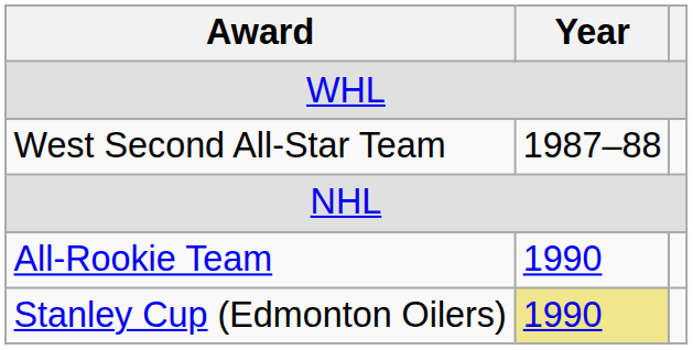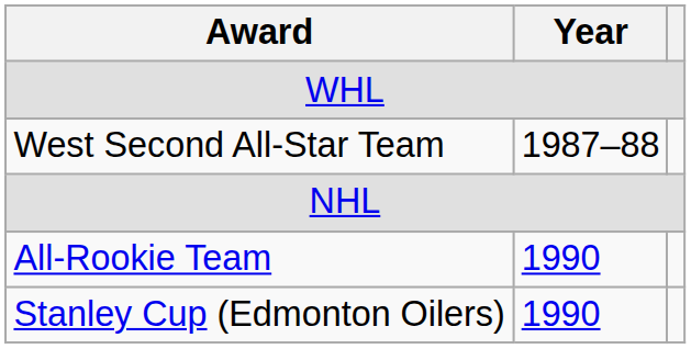 <table class="wikitable">
 <tr>
 <th>Award</th>
 <th>Year</th>
 <th></th>
 </tr>
 <tr ALIGN="center" bgcolor="#e0e0e0">
 <td colspan="3"><a href='#'>WHL</a></td>
 </tr>
 <tr>
 <td>West Second All-Star Team</td>
 <td>1987–88</td>
 <td></td>
 </tr>
 <tr ALIGN="center" bgcolor="#e0e0e0">
 <td colspan="3"><a href='#'>NHL</a></td>
 </tr>
 <tr>
 <td><a href='#'>All-Rookie Team</a></td>
 <td><a href='#'>1990</a></td>
 <td></td>
 </tr>
 <tr>
 <td><a href='#'>Stanley Cup</a> (Edmonton Oilers)</td>
-<td style="background: khaki;"><a href='#'>1990</a></td>
+<td><a href='#'>1990</a></td>
 <td></td>
 </tr>
 </table>
